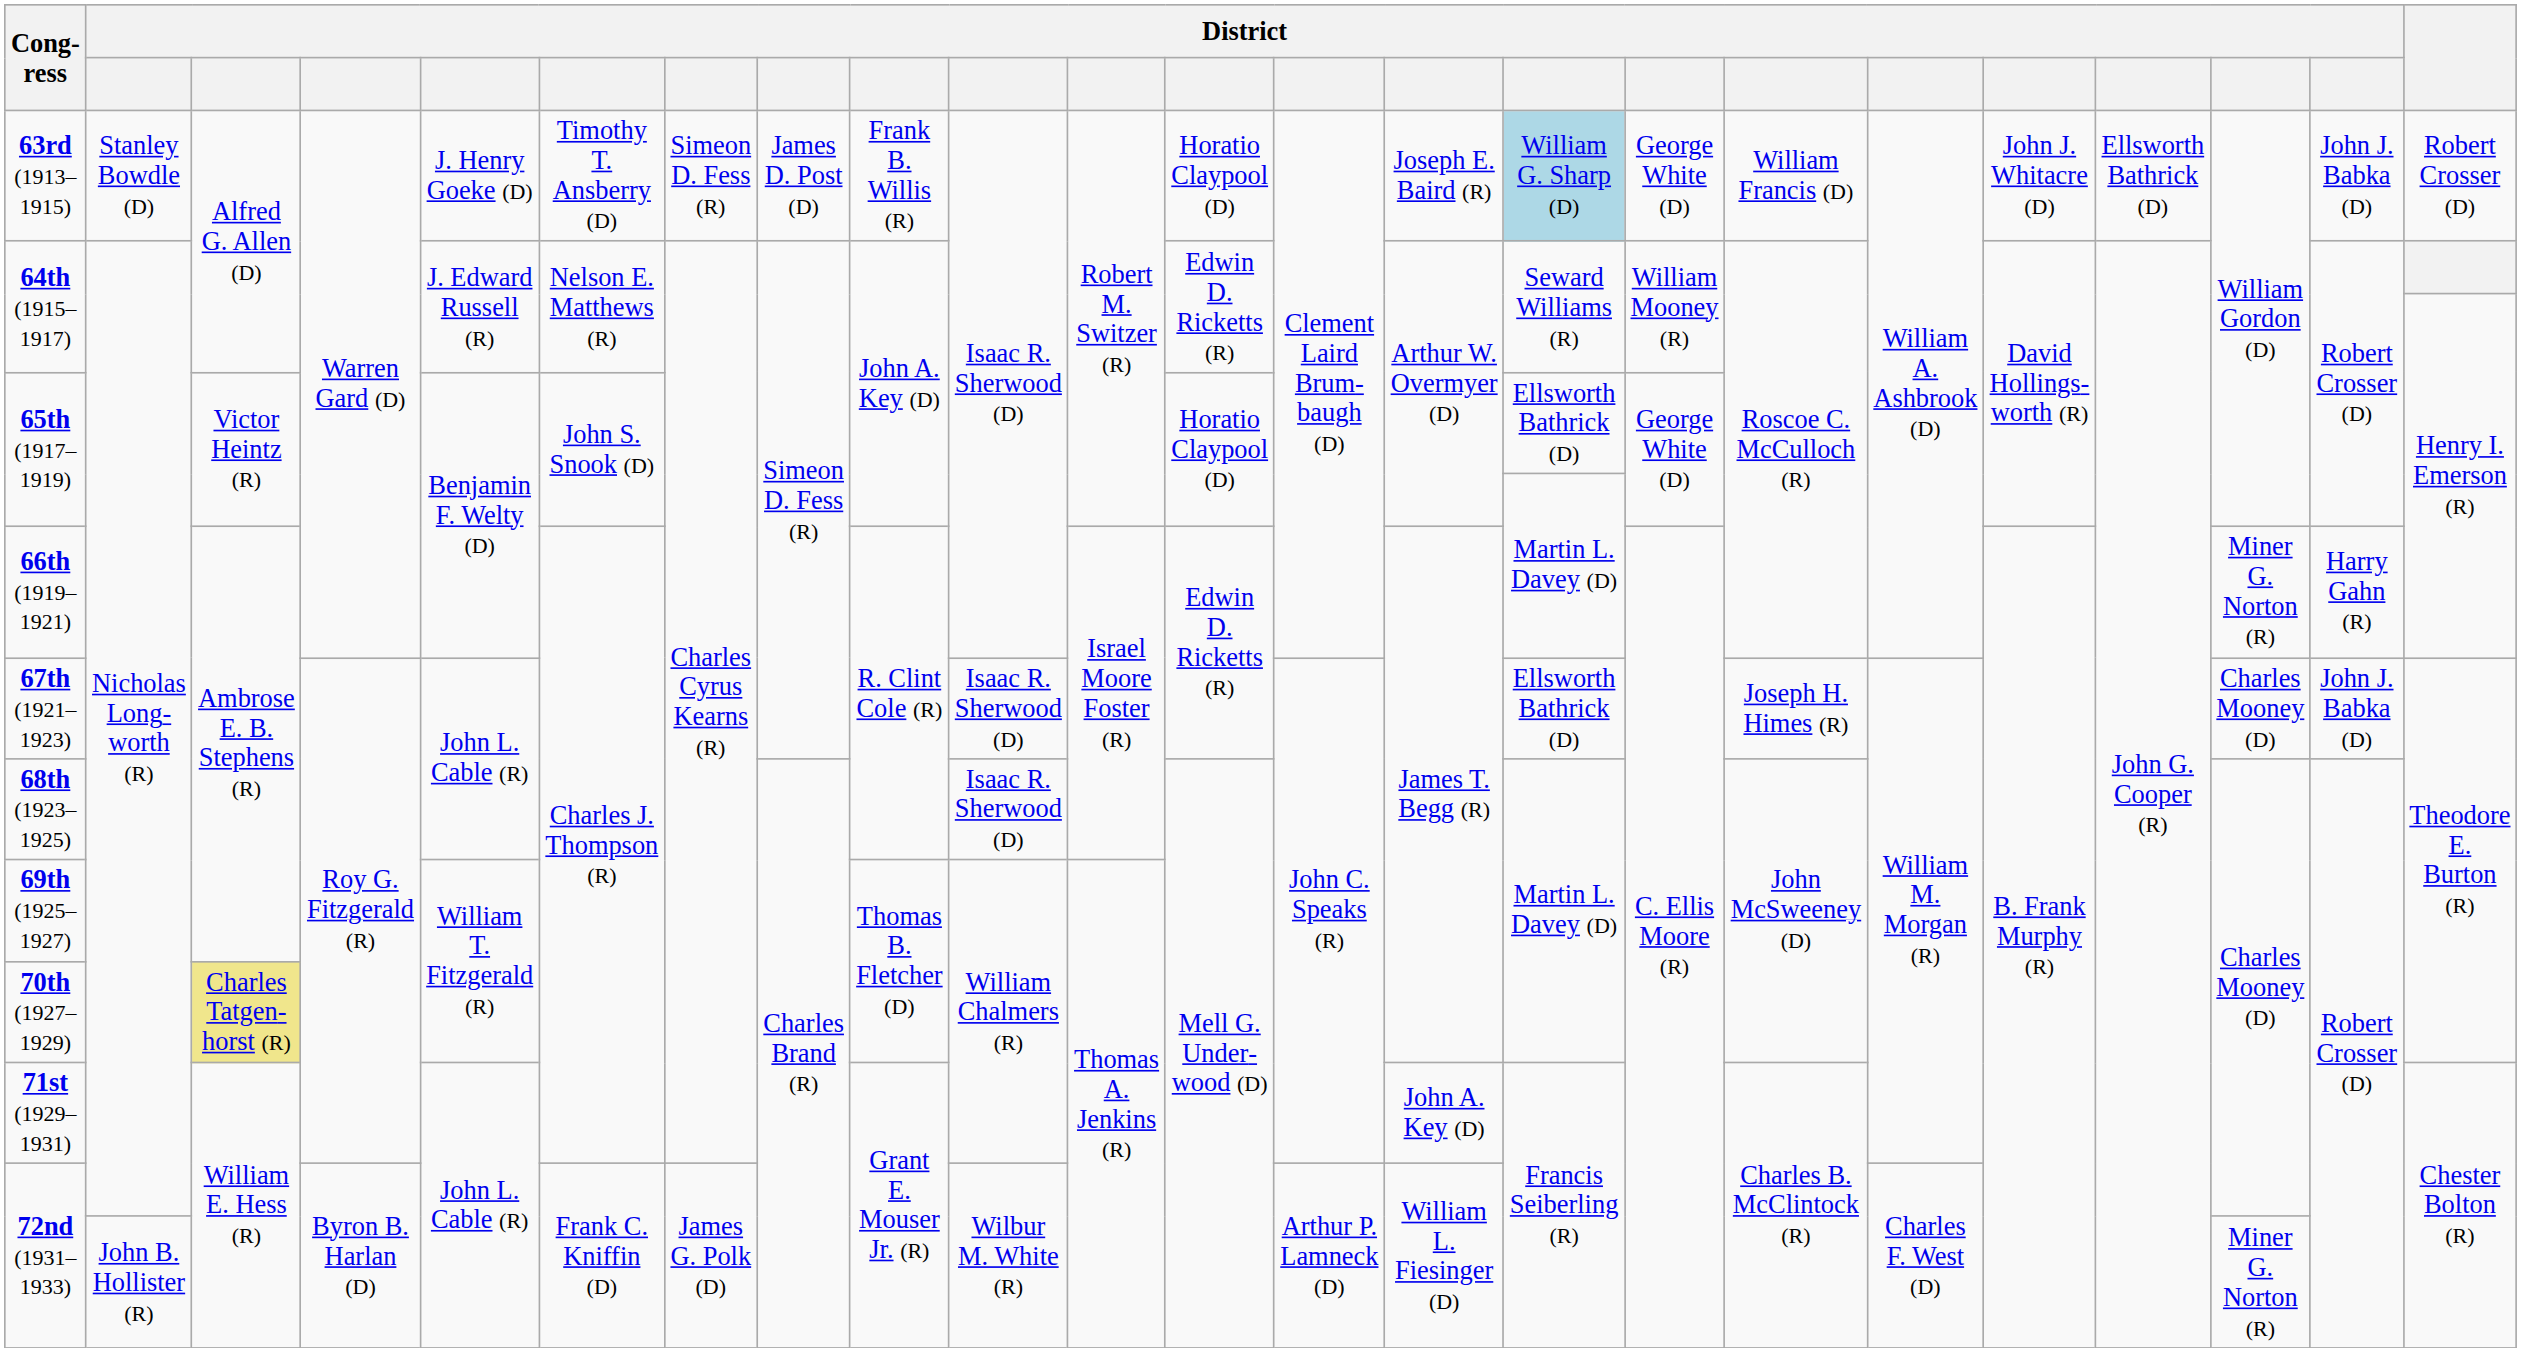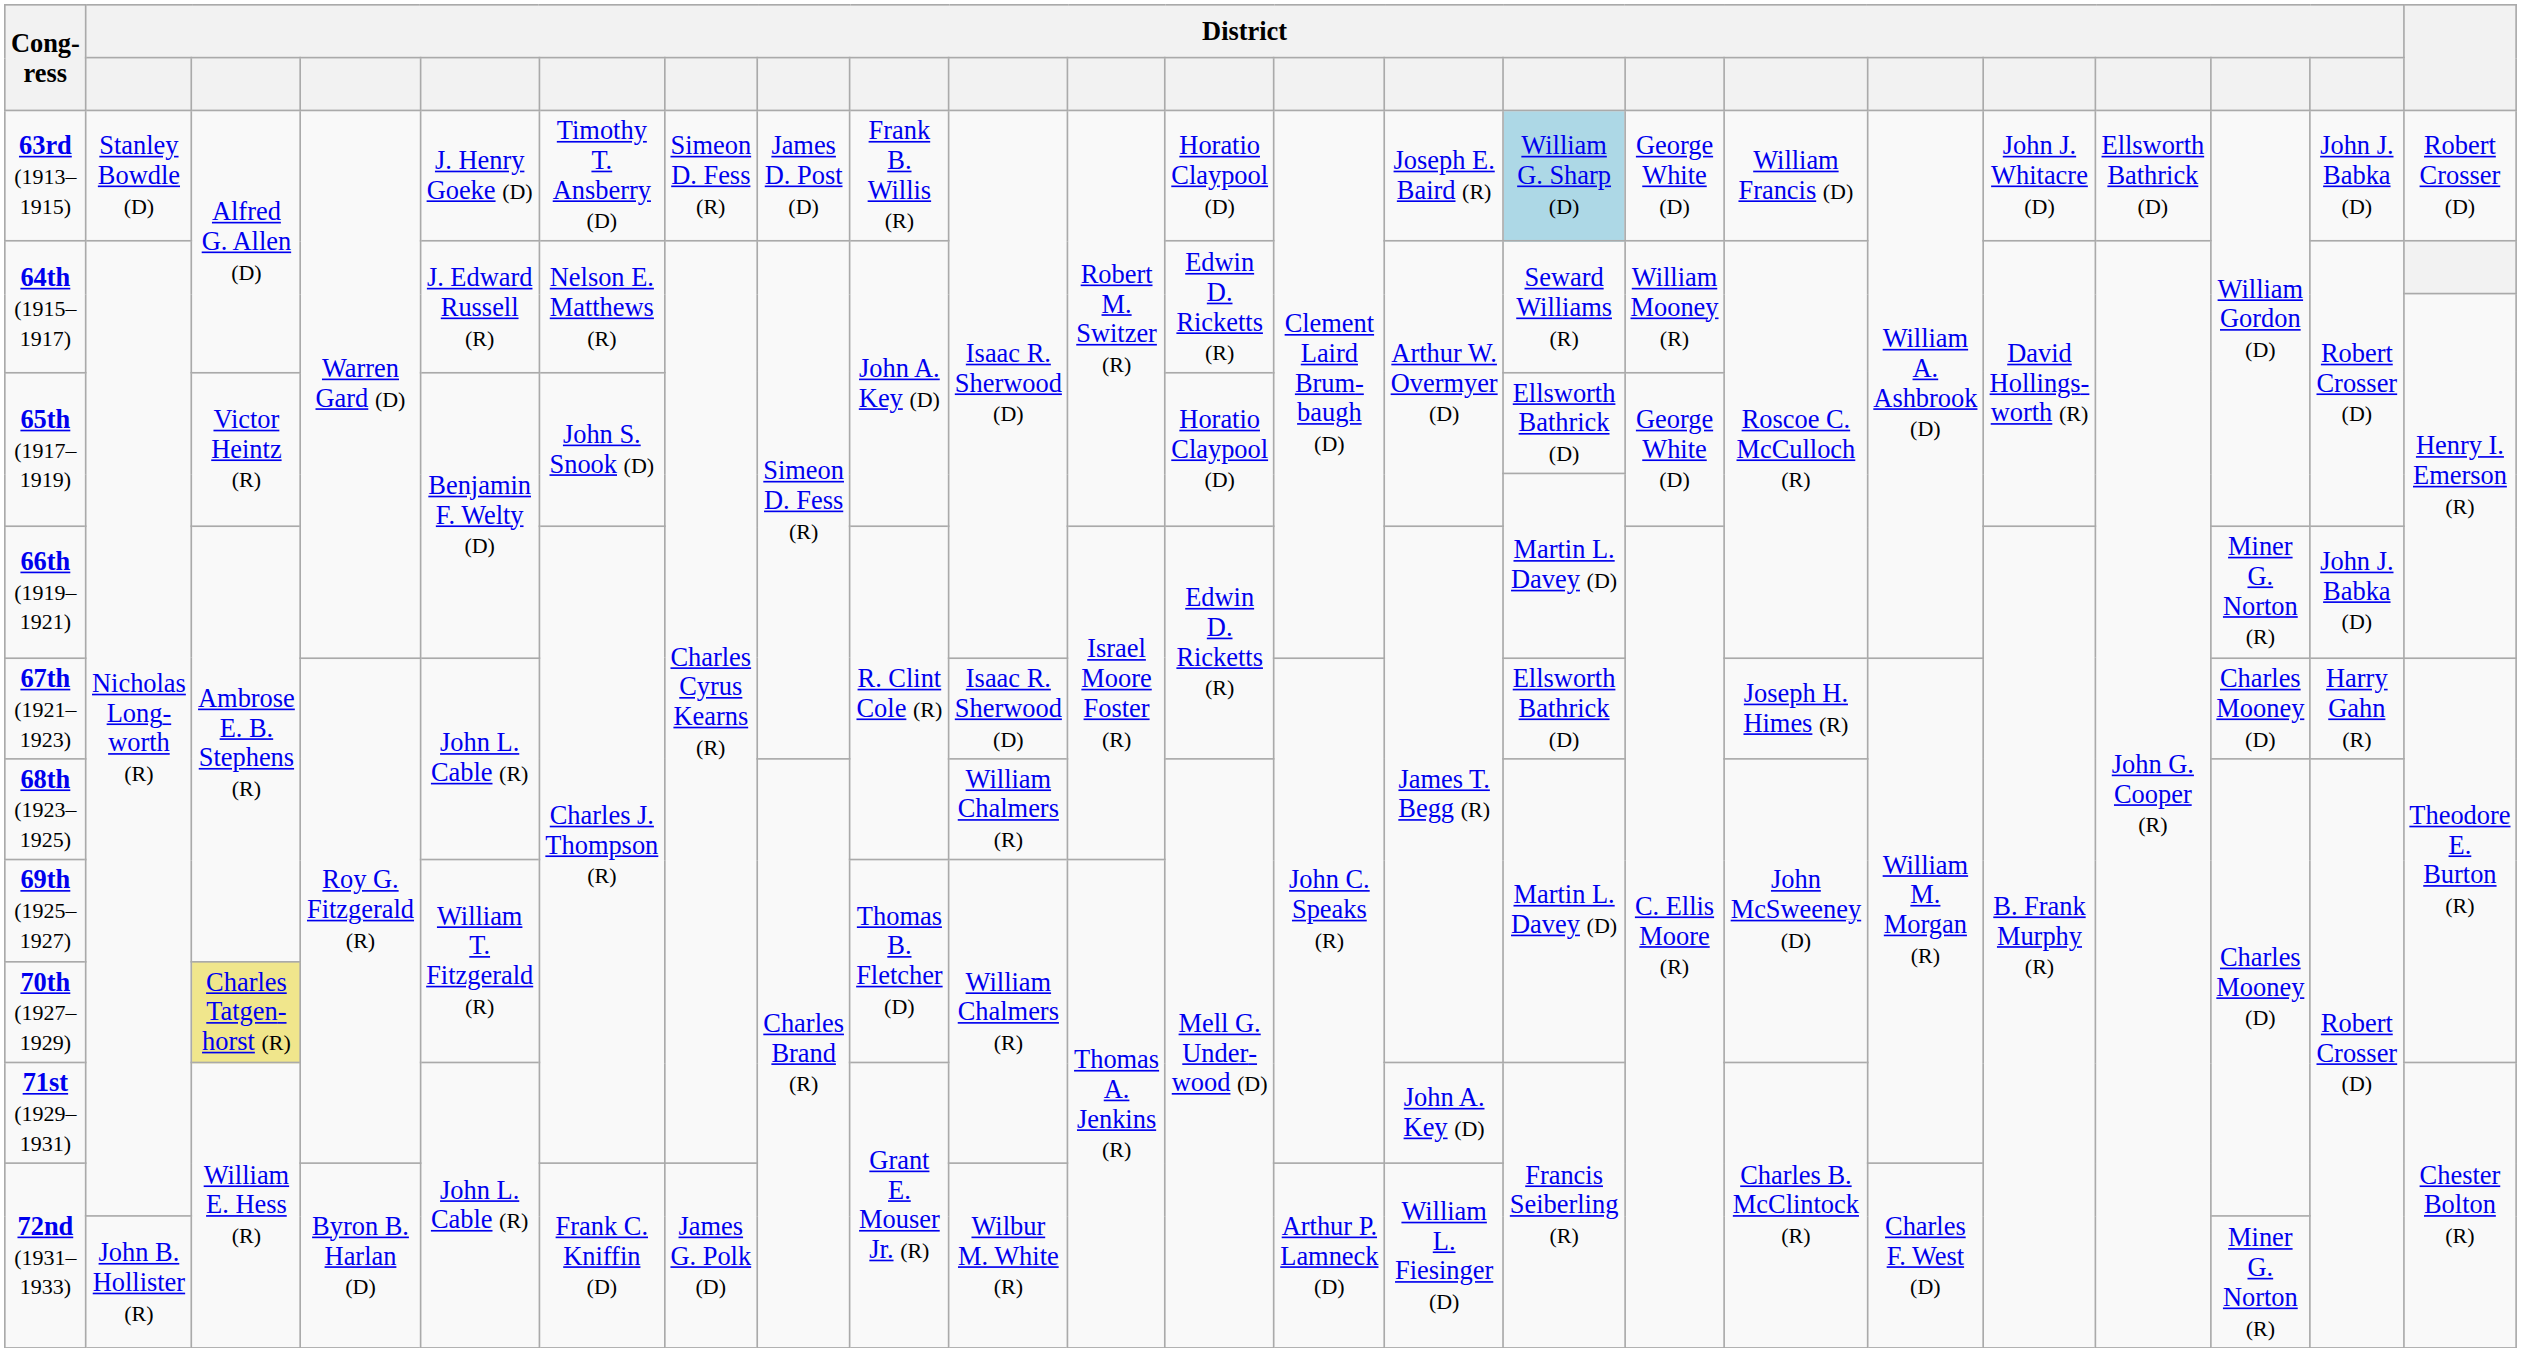 <table class=wikitable style="text-align:center">
 <tr style="height:2em">
 <th rowspan=2>Cong­ress</th>
 <th colspan="21">District</th>
 <th rowspan=2></th>
 </tr>
 <tr style="height:2em">
 <th></th>
 <th></th>
 <th></th>
 <th></th>
 <th></th>
 <th></th>
 <th></th>
 <th></th>
 <th></th>
 <th></th>
 <th></th>
 <th></th>
 <th></th>
 <th></th>
 <th></th>
 <th></th>
 <th></th>
 <th></th>
 <th></th>
 <th></th>
 <th></th>
 </tr>
 <tr style="height:2em">
 <td><strong><a href='#'>63rd</a></strong><br><small>(1913–1915)</small></td>
 <td><a href='#'>Stanley Bowdle</a> <small>(D)</small></td>
 <td rowspan=3 ><a href='#'>Alfred G. Allen</a> <small>(D)</small></td>
 <td rowspan=6 ><a href='#'>Warren Gard</a> <small>(D)</small></td>
 <td><a href='#'>J. Henry Goeke</a> <small>(D)</small></td>
 <td><a href='#'>Timothy T. Ansberry</a> <small>(D)</small></td>
 <td><a href='#'>Simeon D. Fess</a> <small>(R)</small></td>
 <td><a href='#'>James D. Post</a> <small>(D)</small></td>
 <td><a href='#'>Frank B. Willis</a> <small>(R)</small></td>
 <td rowspan=6 ><a href='#'>Isaac R. Sherwood</a> <small>(D)</small></td>
 <td rowspan=5 ><a href='#'>Robert M. Switzer</a> <small>(R)</small></td>
 <td><a href='#'>Horatio Claypool</a> <small>(D)</small></td>
 <td rowspan=6 ><a href='#'>Clement Laird Brum­baugh</a> <small>(D)</small></td>
 <td><a href='#'>Joseph E. Baird</a> <small>(R)</small></td>
 <td style="background: lightblue;"><a href='#'>William G. Sharp</a> <small>(D)</small></td>
 <td><a href='#'>George White</a> <small>(D)</small></td>
 <td><a href='#'>William Francis</a> <small>(D)</small></td>
 <td rowspan=6 ><a href='#'>William A. Ashbrook</a> <small>(D)</small></td>
 <td><a href='#'>John J. Whitacre</a> <small>(D)</small></td>
 <td><a href='#'>Ellsworth Bathrick</a> <small>(D)</small></td>
 <td rowspan=5 ><a href='#'>William Gordon</a> <small>(D)</small></td>
 <td><a href='#'>John J. Babka</a> <small>(D)</small></td>
 <td><a href='#'>Robert Crosser</a> <small>(D)</small></td>
 </tr>
 <tr style="height:2em">
 <td rowspan=2><strong><a href='#'>64th</a></strong><br><small>(1915–1917)</small></td>
 <td rowspan=11 ><a href='#'>Nicholas Long­worth</a> <small>(R)</small></td>
 <td rowspan=2 ><a href='#'>J. Edward Russell</a> <small>(R)</small></td>
 <td rowspan=2 ><a href='#'>Nelson E. Matthews</a> <small>(R)</small></td>
 <td rowspan=10 ><a href='#'>Charles Cyrus Kearns</a> <small>(R)</small></td>
 <td rowspan=6 ><a href='#'>Simeon D. Fess</a> <small>(R)</small></td>
 <td rowspan=4 ><a href='#'>John A. Key</a> <small>(D)</small></td>
 <td rowspan=2 ><a href='#'>Edwin D. Ricketts</a> <small>(R)</small></td>
 <td rowspan=4 ><a href='#'>Arthur W. Overmyer</a> <small>(D)</small></td>
 <td rowspan=2 ><a href='#'>Seward Williams</a> <small>(R)</small></td>
 <td rowspan=2 ><a href='#'>William Mooney</a> <small>(R)</small></td>
 <td rowspan=5 ><a href='#'>Roscoe C. McCulloch</a> <small>(R)</small></td>
 <td rowspan=4 ><a href='#'>David Hollings­worth</a> <small>(R)</small></td>
 <td rowspan=12 ><a href='#'>John G. Cooper</a> <small>(R)</small></td>
 <td rowspan=4 ><a href='#'>Robert Crosser</a> <small>(D)</small></td>
 <th></th>
 </tr>
 <tr style="height:2em">
 <td rowspan=4 ><a href='#'>Henry I. Emerson</a> <small>(R)</small></td>
 </tr>
 <tr style="height:2em">
 <td rowspan=2><strong><a href='#'>65th</a></strong><br><small>(1917–1919)</small></td>
 <td rowspan=2 ><a href='#'>Victor Heintz</a> <small>(R)</small></td>
 <td rowspan=3 ><a href='#'>Benjamin F. Welty</a> <small>(D)</small></td>
 <td rowspan=2 ><a href='#'>John S. Snook</a> <small>(D)</small></td>
 <td rowspan=2 ><a href='#'>Horatio Claypool</a> <small>(D)</small></td>
 <td><a href='#'>Ellsworth Bathrick</a> <small>(D)</small></td>
 <td rowspan=2 ><a href='#'>George White</a> <small>(D)</small></td>
 </tr>
 <tr style="height:2em">
 <td rowspan=2 ><a href='#'>Martin L. Davey</a> <small>(D)</small></td>
 </tr>
 <tr style="height:2em">
 <td><strong><a href='#'>66th</a></strong><br><small>(1919–1921)</small></td>
 <td rowspan=4 ><a href='#'>Ambrose E. B. Stephens</a> <small>(R)</small></td>
 <td rowspan=6 ><a href='#'>Charles J. Thompson</a> <small>(R)</small></td>
 <td rowspan=3 ><a href='#'>R. Clint Cole</a> <small>(R)</small></td>
 <td rowspan=3 ><a href='#'>Israel Moore Foster</a> <small>(R)</small></td>
 <td rowspan=2 ><a href='#'>Edwin D. Ricketts</a> <small>(R)</small></td>
 <td rowspan=5 ><a href='#'>James T. Begg</a> <small>(R)</small></td>
 <td rowspan=8 ><a href='#'>C. Ellis Moore</a> <small>(R)</small></td>
 <td rowspan=8 ><a href='#'>B. Frank Murphy</a> <small>(R)</small></td>
 <td><a href='#'>Miner G. Norton</a> <small>(R)</small></td>
-<td><a href='#'>Harry Gahn</a> <small>(R)</small></td>
+<td><a href='#'>John J. Babka</a> <small>(D)</small></td>
 </tr>
 <tr style="height:2em">
 <td><strong><a href='#'>67th</a></strong><br><small>(1921–1923)</small></td>
 <td rowspan=5 ><a href='#'>Roy G. Fitzgerald</a> <small>(R)</small></td>
 <td rowspan=2 ><a href='#'>John L. Cable</a> <small>(R)</small></td>
 <td><a href='#'>Isaac R. Sherwood</a> <small>(D)</small></td>
 <td rowspan=5 ><a href='#'>John C. Speaks</a> <small>(R)</small></td>
 <td><a href='#'>Ellsworth Bathrick</a> <small>(D)</small></td>
 <td><a href='#'>Joseph H. Himes</a> <small>(R)</small></td>
 <td rowspan=5 ><a href='#'>William M. Morgan</a> <small>(R)</small></td>
 <td><a href='#'>Charles Mooney</a> <small>(D)</small></td>
-<td><a href='#'>John J. Babka</a> <small>(D)</small></td>
+<td><a href='#'>Harry Gahn</a> <small>(R)</small></td>
 <td rowspan=4 ><a href='#'>Theodore E. Burton</a> <small>(R)</small></td>
 </tr>
 <tr style="height:2em">
 <td><strong><a href='#'>68th</a></strong><br><small>(1923–1925)</small></td>
 <td rowspan=6 ><a href='#'>Charles Brand</a> <small>(R)</small></td>
-<td><a href='#'>Isaac R. Sherwood</a> <small>(D)</small></td>
+<td><a href='#'>William Chalmers</a> <small>(R)</small></td>
 <td rowspan=6 ><a href='#'>Mell G. Under­wood</a> <small>(D)</small></td>
 <td rowspan=3 ><a href='#'>Martin L. Davey</a> <small>(D)</small></td>
 <td rowspan=3 ><a href='#'>John McSweeney</a> <small>(D)</small></td>
 <td rowspan=5 ><a href='#'>Charles Mooney</a> <small>(D)</small></td>
 <td rowspan=6 ><a href='#'>Robert Crosser</a> <small>(D)</small></td>
 </tr>
 <tr style="height:2em">
 <td><strong><a href='#'>69th</a></strong><br><small>(1925–1927)</small></td>
 <td rowspan=2 ><a href='#'>William T. Fitzgerald</a> <small>(R)</small></td>
 <td rowspan=2 ><a href='#'>Thomas B. Fletcher</a> <small>(D)</small></td>
 <td rowspan=3 ><a href='#'>William Chalmers</a> <small>(R)</small></td>
 <td rowspan=5 ><a href='#'>Thomas A. Jenkins</a> <small>(R)</small></td>
 </tr>
 <tr style="height:2em">
 <td><strong><a href='#'>70th</a></strong><br><small>(1927–1929)</small></td>
 <td style="background: khaki;"><a href='#'>Charles Tatgen­horst</a> <small>(R)</small></td>
 </tr>
 <tr style="height:2em">
 <td><strong><a href='#'>71st</a></strong><br><small>(1929–1931)</small></td>
 <td rowspan=3 ><a href='#'>William E. Hess</a> <small>(R)</small></td>
 <td rowspan=3 ><a href='#'>John L. Cable</a> <small>(R)</small></td>
 <td rowspan=3 ><a href='#'>Grant E. Mouser Jr.</a> <small>(R)</small></td>
 <td><a href='#'>John A. Key</a> <small>(D)</small></td>
 <td rowspan=3 ><a href='#'>Francis Seiberling</a> <small>(R)</small></td>
 <td rowspan=3 ><a href='#'>Charles B. McClintock</a> <small>(R)</small></td>
 <td rowspan=3 ><a href='#'>Chester Bolton</a> <small>(R)</small></td>
 </tr>
 <tr style="height:2em">
 <td rowspan=2><strong><a href='#'>72nd</a></strong><br><small>(1931–1933)</small></td>
 <td rowspan=2 ><a href='#'>Byron B. Harlan</a> <small>(D)</small></td>
 <td rowspan=2 ><a href='#'>Frank C. Kniffin</a> <small>(D)</small></td>
 <td rowspan=2 ><a href='#'>James G. Polk</a> <small>(D)</small></td>
 <td rowspan=2 ><a href='#'>Wilbur M. White</a> <small>(R)</small></td>
 <td rowspan=2 ><a href='#'>Arthur P. Lamneck</a> <small>(D)</small></td>
 <td rowspan=2 ><a href='#'>William L. Fiesinger</a> <small>(D)</small></td>
 <td rowspan=2 ><a href='#'>Charles F. West</a> <small>(D)</small></td>
 </tr>
 <tr style="height:2em">
 <td><a href='#'>John B. Hollister</a> <small>(R)</small></td>
 <td><a href='#'>Miner G. Norton</a> <small>(R)</small></td>
 </tr>
 </table>
